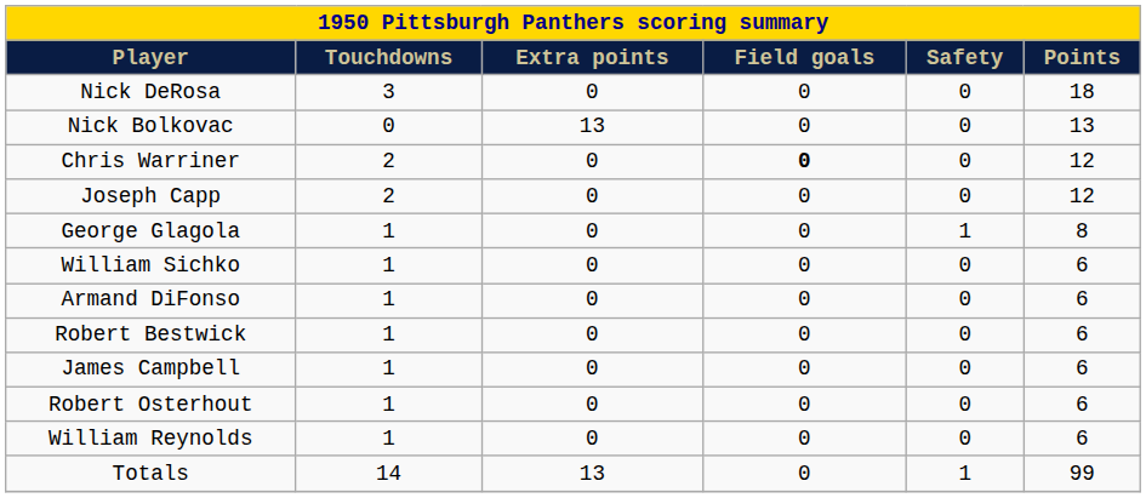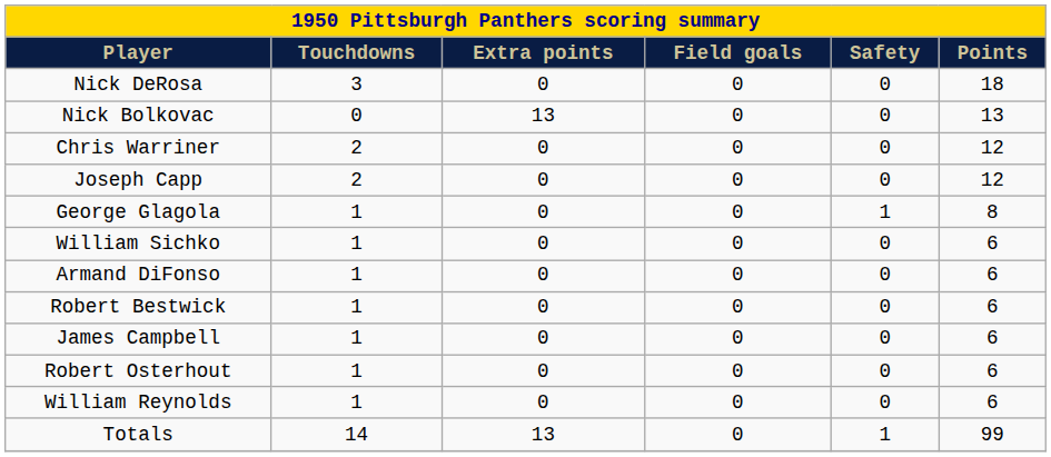 <table class="wikitable" width="35%">
 <tr>
 <th colspan="10" style="background:gold; color:darkblue; text-align: center;"><strong>1950 Pittsburgh Panthers scoring summary</strong></th>
 </tr>
 <tr align="center"  style="background:#091C44;color:#CEC499;">
 <td><strong>Player</strong></td>
 <td><strong>Touchdowns</strong></td>
 <td><strong>Extra points</strong></td>
 <td><strong>Field goals</strong></td>
 <td><strong>Safety</strong></td>
 <td><strong>Points</strong></td>
 </tr>
 <tr align="center" bgcolor="">
 <td>Nick DeRosa</td>
 <td>3</td>
 <td>0</td>
 <td>0</td>
 <td>0</td>
 <td>18</td>
 </tr>
 <tr align="center" bgcolor="">
 <td>Nick Bolkovac</td>
 <td>0</td>
 <td>13</td>
 <td>0</td>
 <td>0</td>
 <td>13</td>
 </tr>
 <tr align="center" bgcolor="">
 <td>Chris Warriner</td>
 <td>2</td>
 <td>0</td>
-<td><strong>0</strong></td>
+<td>0</td>
 <td>0</td>
 <td>12</td>
 </tr>
 <tr align="center" bgcolor="">
 <td>Joseph Capp</td>
 <td>2</td>
 <td>0</td>
 <td>0</td>
 <td>0</td>
 <td>12</td>
 </tr>
 <tr align="center" bgcolor="">
 <td>George Glagola</td>
 <td>1</td>
 <td>0</td>
 <td>0</td>
 <td>1</td>
 <td>8</td>
 </tr>
 <tr align="center" bgcolor="">
 <td>William Sichko</td>
 <td>1</td>
 <td>0</td>
 <td>0</td>
 <td>0</td>
 <td>6</td>
 </tr>
 <tr align="center" bgcolor="">
 <td>Armand DiFonso</td>
 <td>1</td>
 <td>0</td>
 <td>0</td>
 <td>0</td>
 <td>6</td>
 </tr>
 <tr align="center" bgcolor="">
 <td>Robert Bestwick</td>
 <td>1</td>
 <td>0</td>
 <td>0</td>
 <td>0</td>
 <td>6</td>
 </tr>
 <tr align="center" bgcolor="">
 <td>James Campbell</td>
 <td>1</td>
 <td>0</td>
 <td>0</td>
 <td>0</td>
 <td>6</td>
 </tr>
 <tr align="center" bgcolor="">
 <td>Robert Osterhout</td>
 <td>1</td>
 <td>0</td>
 <td>0</td>
 <td>0</td>
 <td>6</td>
 </tr>
 <tr align="center" bgcolor="">
 <td>William Reynolds</td>
 <td>1</td>
 <td>0</td>
 <td>0</td>
 <td>0</td>
 <td>6</td>
 </tr>
 <tr align="center" bgcolor="">
 <td>Totals</td>
 <td>14</td>
 <td>13</td>
 <td>0</td>
 <td>1</td>
 <td>99</td>
 </tr>
 <tr align="center" bgcolor="">
 </tr>
 </table>
